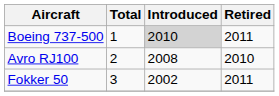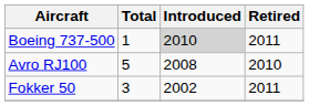 <table class="wikitable">
 <tr>
 <th>Aircraft</th>
 <th>Total</th>
 <th>Introduced</th>
 <th>Retired</th>
 </tr>
 <tr>
 <td><a href='#'>Boeing 737-500</a></td>
 <td>1</td>
 <td style="background: lightgrey;">2010</td>
 <td>2011</td>
 </tr>
 <tr>
 <td><a href='#'>Avro RJ100</a></td>
-<td>2</td>
+<td>5</td>
 <td>2008</td>
 <td>2010</td>
 </tr>
 <tr>
 <td><a href='#'>Fokker 50</a></td>
 <td>3</td>
 <td>2002</td>
 <td>2011</td>
 </tr>
 <tr>
 </tr>
 </table>
